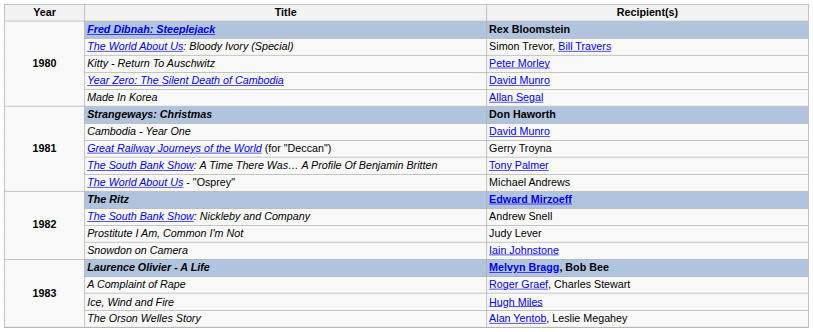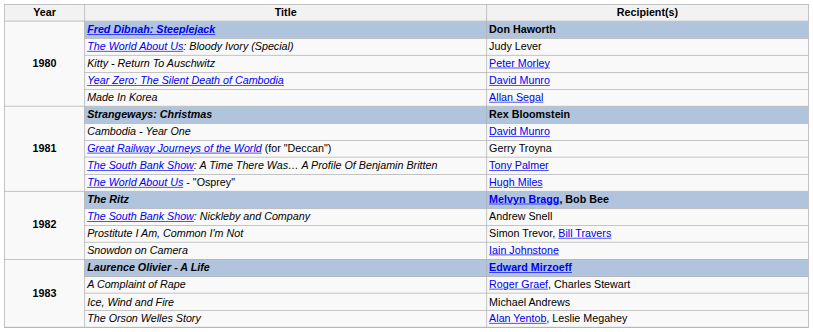 <table class="wikitable" width="95%">
 <tr>
 <th width=5%>Year</th>
 <th width=25%><strong>Title</strong></th>
 <th width=20%><strong>Recipient(s)</strong></th>
 </tr>
 <tr>
 <td rowspan="5" style="text-align:center;"><strong>1980</strong></td>
 <td style="background:#B0C4DE;"><strong><em><a href='#'>Fred Dibnah: Steeplejack</a></em></strong></td>
-<td style="background:#B0C4DE;"><strong>Rex Bloomstein</strong></td>
+<td style="background:#B0C4DE;"><strong>Don Haworth</strong></td>
 </tr>
 <tr>
 <td><em><a href='#'>The World About Us</a>: Bloody Ivory (Special)</em></td>
-<td>Simon Trevor, <a href='#'>Bill Travers</a></td>
+<td>Judy Lever</td>
 </tr>
 <tr>
 <td><em>Kitty - Return To Auschwitz</em></td>
 <td><a href='#'>Peter Morley</a></td>
 </tr>
 <tr>
 <td><em><a href='#'>Year Zero: The Silent Death of Cambodia</a></em></td>
 <td><a href='#'>David Munro</a></td>
 </tr>
 <tr>
 <td><em>Made In Korea</em></td>
 <td><a href='#'>Allan Segal</a></td>
 </tr>
 <tr>
 <td rowspan="5" style="text-align:center;"><strong>1981</strong></td>
 <td style="background:#B0C4DE;"><strong><em>Strangeways: Christmas</em></strong></td>
-<td style="background:#B0C4DE;"><strong>Don Haworth</strong></td>
+<td style="background:#B0C4DE;"><strong>Rex Bloomstein</strong></td>
 </tr>
 <tr>
 <td><em>Cambodia - Year One</em></td>
 <td><a href='#'>David Munro</a></td>
 </tr>
 <tr>
 <td><em><a href='#'>Great Railway Journeys of the World</a></em> (for "Deccan")</td>
 <td>Gerry Troyna</td>
 </tr>
 <tr>
 <td><em><a href='#'>The South Bank Show</a>: A Time There Was… A Profile Of Benjamin Britten</em></td>
 <td><a href='#'>Tony Palmer</a></td>
 </tr>
 <tr>
 <td><em><a href='#'>The World About Us</a></em> - "Osprey"</td>
-<td>Michael Andrews</td>
+<td><a href='#'>Hugh Miles</a></td>
 </tr>
 <tr>
 <td rowspan="4" style="text-align:center;"><strong>1982</strong></td>
 <td style="background:#B0C4DE;"><strong><em>The Ritz</em></strong></td>
-<td style="background:#B0C4DE;"><strong><a href='#'>Edward Mirzoeff</a></strong></td>
+<td style="background:#B0C4DE;"><strong><a href='#'>Melvyn Bragg</a>, Bob Bee</strong></td>
 </tr>
 <tr>
 <td><em><a href='#'>The South Bank Show</a>: Nickleby and Company</em></td>
 <td>Andrew Snell</td>
 </tr>
 <tr>
 <td><em>Prostitute I Am, Common I'm Not</em></td>
-<td>Judy Lever</td>
+<td>Simon Trevor, <a href='#'>Bill Travers</a></td>
 </tr>
 <tr>
 <td><em>Snowdon on Camera</em></td>
 <td><a href='#'>Iain Johnstone</a></td>
 </tr>
 <tr>
 <td rowspan="4" style="text-align:center;"><strong>1983</strong></td>
 <td style="background:#B0C4DE;"><strong><em>Laurence Olivier - A Life</em></strong></td>
-<td style="background:#B0C4DE;"><strong><a href='#'>Melvyn Bragg</a>, Bob Bee</strong></td>
+<td style="background:#B0C4DE;"><strong><a href='#'>Edward Mirzoeff</a></strong></td>
 </tr>
 <tr>
 <td><em>A Complaint of Rape</em></td>
 <td><a href='#'>Roger Graef</a>, Charles Stewart</td>
 </tr>
 <tr>
 <td><em>Ice, Wind and Fire</em></td>
-<td><a href='#'>Hugh Miles</a></td>
+<td>Michael Andrews</td>
 </tr>
 <tr>
 <td><em>The Orson Welles Story</em></td>
 <td><a href='#'>Alan Yentob</a>, Leslie Megahey</td>
 </tr>
 <tr>
 </tr>
 </table>
